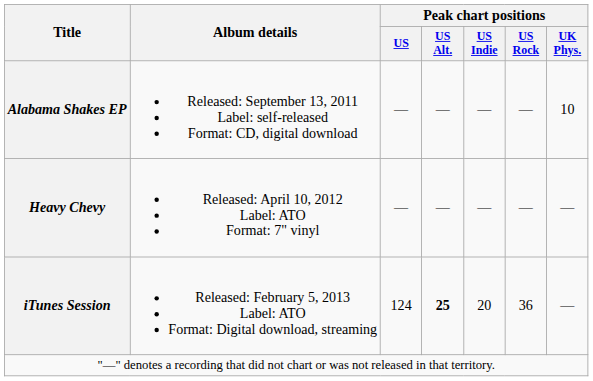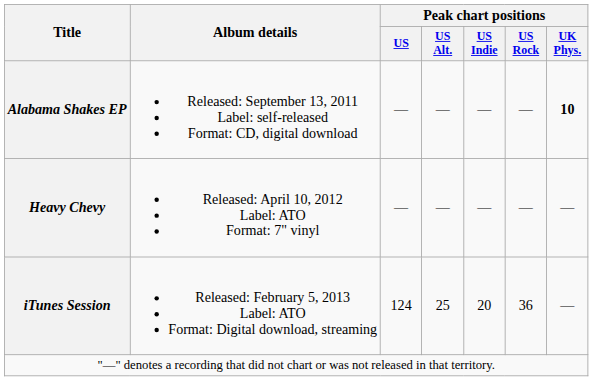 <table class="wikitable plainrowheaders" style="text-align:center;">
 <tr>
 <th scope="col" rowspan="2">Title</th>
 <th scope="col" rowspan="2" ustyle="width:18em;">Album details</th>
 <th scope="col" colspan="5">Peak chart positions</th>
 </tr>
 <tr>
 <th scope="col" style="width:3em;font-size:85%;"><a href='#'>US</a><br></th>
 <th scope="col" style="width:3em;font-size:85%;"><a href='#'>US<br>Alt.</a><br></th>
 <th scope="col" style="width:3em;font-size:85%;"><a href='#'>US<br>Indie</a><br></th>
 <th scope="col" style="width:3em;font-size:85%;"><a href='#'>US<br>Rock</a><br></th>
 <th scope="col" style="width:3em;font-size:85%;"><a href='#'>UK<br>Phys.</a><br></th>
 </tr>
 <tr>
 <th scope="row"><em>Alabama Shakes EP</em></th>
 <td><br><ul><li>Released: September 13, 2011</li><li>Label: self-released</li><li>Format: CD, digital download</li></ul></td>
 <td>—</td>
 <td>—</td>
 <td>—</td>
 <td>—</td>
-<td>10</td>
+<td><strong>10</strong></td>
 </tr>
 <tr>
 <th scope="row"><em>Heavy Chevy</em></th>
 <td><br><ul><li>Released: April 10, 2012</li><li>Label: ATO</li><li>Format: 7" vinyl</li></ul></td>
 <td>—</td>
 <td>—</td>
 <td>—</td>
 <td>—</td>
 <td>—</td>
 </tr>
 <tr>
 <th scope="row"><em>iTunes Session</em></th>
 <td><br><ul><li>Released: February 5, 2013</li><li>Label: ATO</li><li>Format: Digital download, streaming</li></ul></td>
 <td>124</td>
-<td><strong>25</strong></td>
+<td>25</td>
 <td>20</td>
 <td>36</td>
 <td>—</td>
 </tr>
 <tr>
 <td colspan="16" style="font-size:90%">"—" denotes a recording that did not chart or was not released in that territory.</td>
 </tr>
 </table>
